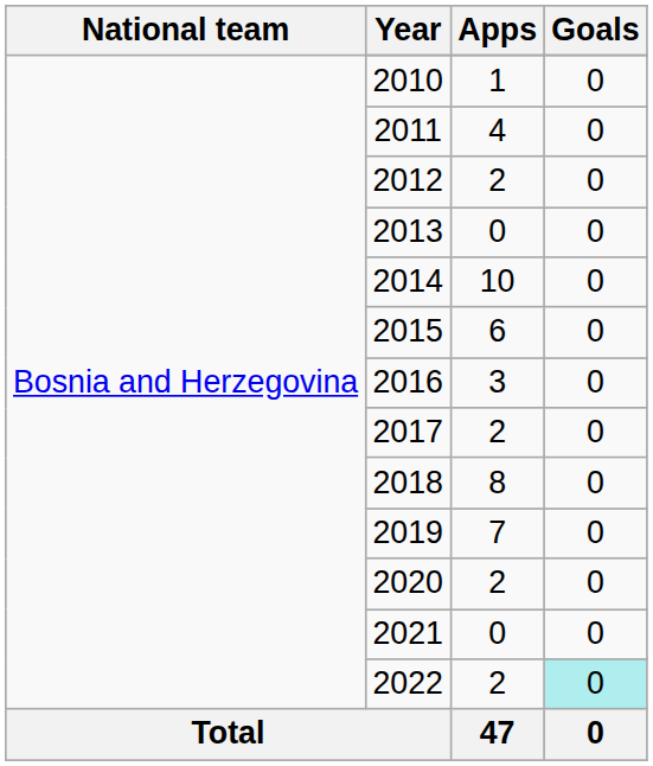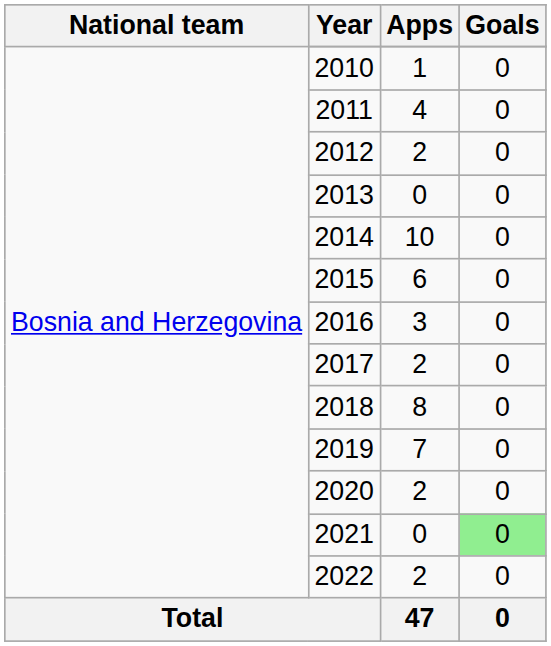 <table class="wikitable" style="text-align:center">
 <tr>
 <th>National team</th>
 <th>Year</th>
 <th>Apps</th>
 <th>Goals</th>
 </tr>
 <tr>
 <td rowspan=14><a href='#'>Bosnia and Herzegovina</a></td>
 </tr>
 <tr>
 <td>2010</td>
 <td>1</td>
 <td>0</td>
 </tr>
 <tr>
 <td>2011</td>
 <td>4</td>
 <td>0</td>
 </tr>
 <tr>
 <td>2012</td>
 <td>2</td>
 <td>0</td>
 </tr>
 <tr>
 <td>2013</td>
 <td>0</td>
 <td>0</td>
 </tr>
 <tr>
 <td>2014</td>
 <td>10</td>
 <td>0</td>
 </tr>
 <tr>
 <td>2015</td>
 <td>6</td>
 <td>0</td>
 </tr>
 <tr>
 <td>2016</td>
 <td>3</td>
 <td>0</td>
 </tr>
 <tr>
 <td>2017</td>
 <td>2</td>
 <td>0</td>
 </tr>
 <tr>
 <td>2018</td>
 <td>8</td>
 <td>0</td>
 </tr>
 <tr>
 <td>2019</td>
 <td>7</td>
 <td>0</td>
 </tr>
 <tr>
 <td>2020</td>
 <td>2</td>
 <td>0</td>
 </tr>
 <tr>
 <td>2021</td>
 <td>0</td>
-<td>0</td>
+<td style="background: lightgreen;">0</td>
 </tr>
 <tr>
 <td>2022</td>
 <td>2</td>
-<td style="background: paleturquoise;">0</td>
+<td>0</td>
 </tr>
 <tr>
 <th colspan=2>Total</th>
 <th>47</th>
 <th>0</th>
 </tr>
 </table>
